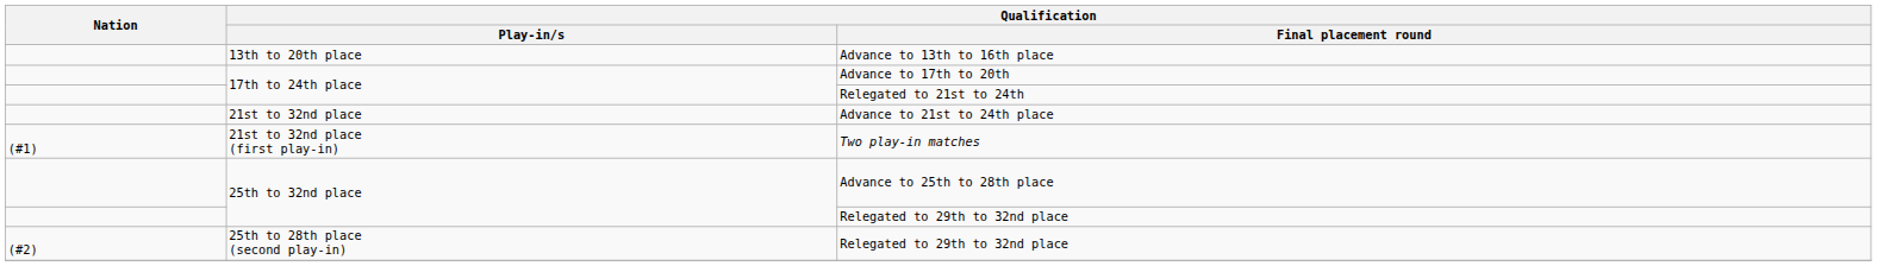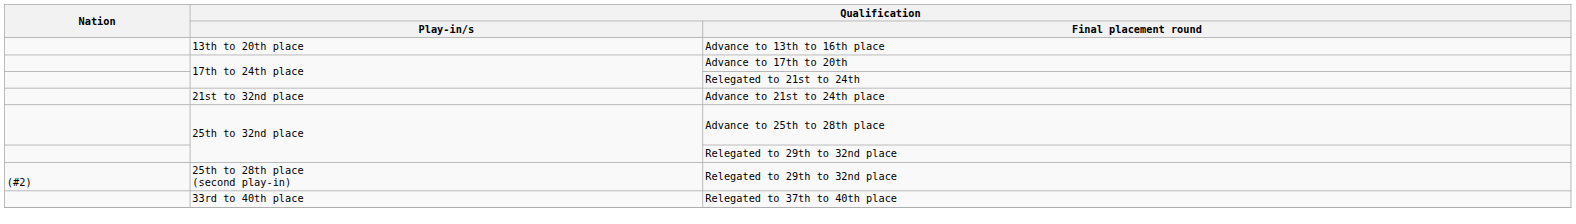 <table class="wikitable" style="txt-align: center;" width=100%>
 <tr>
 <th rowspan=2>Nation</th>
 <th colspan=2>Qualification</th>
 </tr>
 <tr>
 <th>Play-in/s</th>
 <th>Final placement round</th>
 </tr>
 <tr>
 <td><br></td>
 <td>13th to 20th place</td>
 <td>Advance to 13th to 16th place</td>
 </tr>
 <tr>
 <td><br></td>
 <td rowspan=2>17th to 24th place</td>
 <td>Advance to 17th to 20th</td>
 </tr>
 <tr>
 <td><br></td>
 <td>Relegated to 21st to 24th</td>
 </tr>
 <tr>
 <td><br></td>
 <td>21st to 32nd place</td>
 <td>Advance to 21st to 24th place</td>
 </tr>
 <tr>
-<td><br> (#1)</td>
-<td>21st to 32nd place<br>(first play-in)</td>
-<td><em>Two play-in matches</em></td>
-</tr>
-<tr>
 <td><br><br><br></td>
 <td rowspan=2>25th to 32nd place</td>
 <td>Advance to 25th to 28th place</td>
 </tr>
 <tr>
 <td><br></td>
 <td>Relegated to 29th to 32nd place</td>
 </tr>
 <tr>
 <td><br> (#2)</td>
 <td>25th to 28th place<br>(second play-in)</td>
 <td>Relegated to 29th to 32nd place</td>
 </tr>
 <tr>
+<td><br></td>
+<td>33rd to 40th place</td>
+<td>Relegated to 37th to 40th place</td>
+</tr>
+<tr>
 </tr>
 </table>
